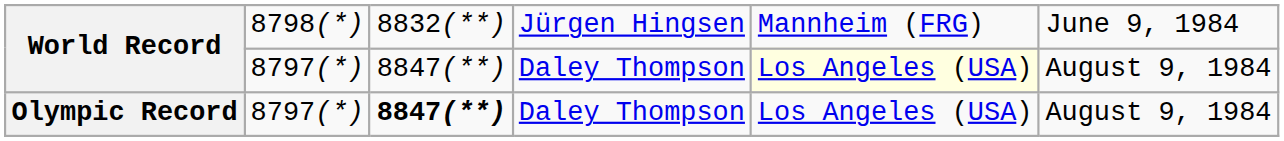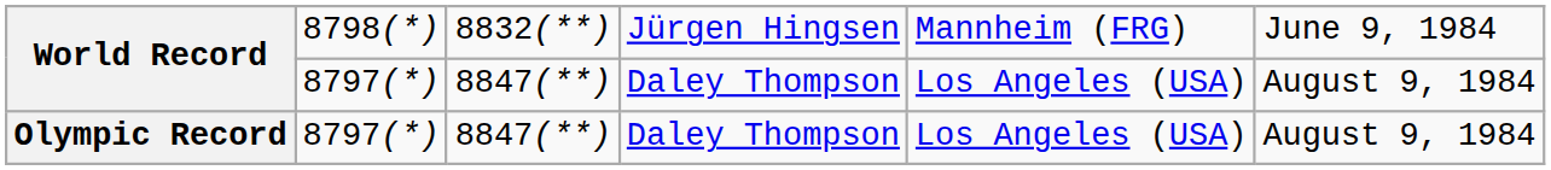 <table class="wikitable" style="font-size:95%;">
 <tr>
 <th rowspan=2>World Record</th>
 <td>8798<em>(*)</em></td>
 <td>8832<em>(**)</em></td>
 <td> <a href='#'>Jürgen Hingsen</a></td>
 <td><a href='#'>Mannheim</a> (<a href='#'>FRG</a>)</td>
 <td>June 9, 1984</td>
 </tr>
 <tr>
 <td>8797<em>(*)</em></td>
 <td>8847<em>(**)</em></td>
 <td> <a href='#'>Daley Thompson</a></td>
-<td style="background: lightyellow;"><a href='#'>Los Angeles</a> (<a href='#'>USA</a>)</td>
+<td><a href='#'>Los Angeles</a> (<a href='#'>USA</a>)</td>
 <td>August 9, 1984</td>
 </tr>
 <tr>
 <th>Olympic Record</th>
 <td>8797<em>(*)</em></td>
-<td><strong>8847<em>(**)</em></strong></td>
+<td>8847<em>(**)</em></td>
 <td> <a href='#'>Daley Thompson</a></td>
 <td><a href='#'>Los Angeles</a> (<a href='#'>USA</a>)</td>
 <td>August 9, 1984</td>
 </tr>
 </table>
